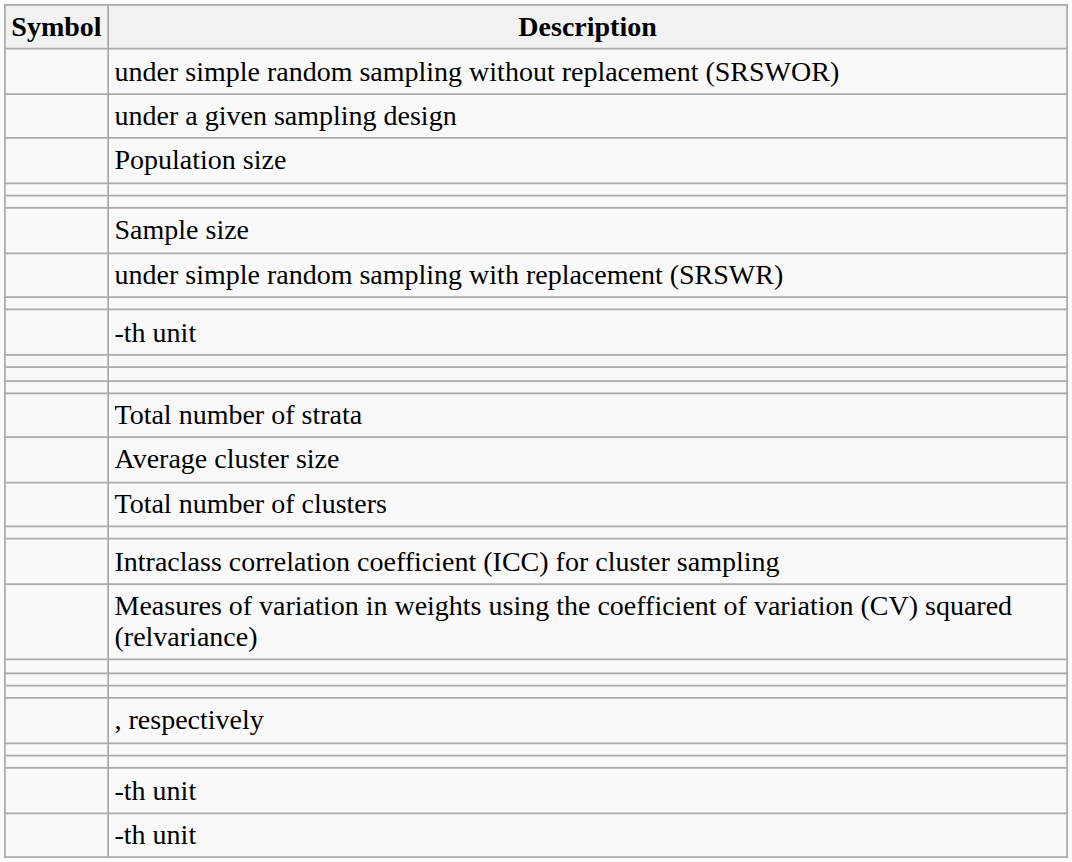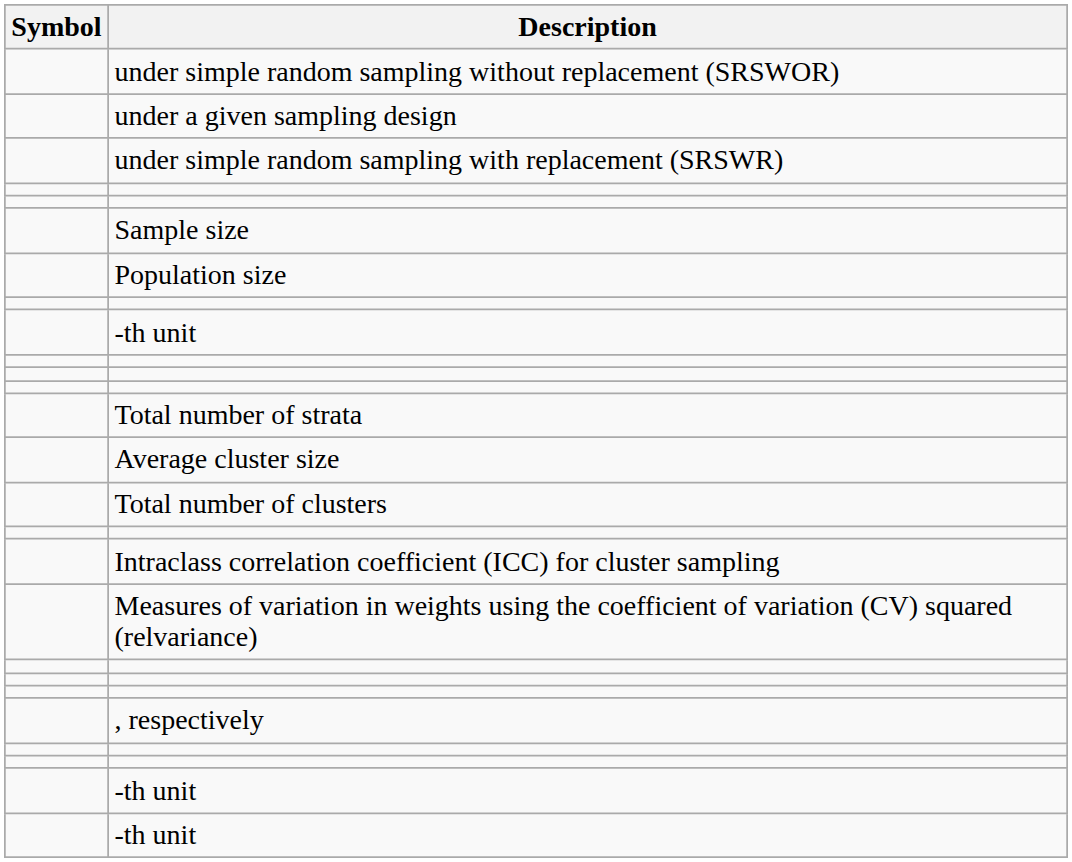 <table class="wikitable">
 <tr>
 <th>Symbol</th>
 <th>Description</th>
 </tr>
 <tr>
 <td></td>
 <td> under simple random sampling without replacement (SRSWOR)</td>
 </tr>
 <tr>
 <td></td>
 <td> under a given sampling design</td>
 </tr>
 <tr>
 <td></td>
-<td>Population size</td>
+<td> under simple random sampling with replacement (SRSWR)</td>
 </tr>
 <tr>
 <td></td>
 <td></td>
 </tr>
 <tr>
 <td></td>
 <td></td>
 </tr>
 <tr>
 <td></td>
 <td>Sample size</td>
 </tr>
 <tr>
 <td></td>
-<td> under simple random sampling with replacement (SRSWR)</td>
+<td>Population size</td>
 </tr>
 <tr>
 <td></td>
 <td></td>
 </tr>
 <tr>
 <td></td>
 <td>-th unit</td>
 </tr>
 <tr>
 <td></td>
 <td></td>
 </tr>
 <tr>
 <td></td>
 <td></td>
 </tr>
 <tr>
 <td></td>
 <td></td>
 </tr>
 <tr>
 <td></td>
 <td>Total number of strata</td>
 </tr>
 <tr>
 <td></td>
 <td>Average cluster size</td>
 </tr>
 <tr>
 <td></td>
 <td>Total number of clusters</td>
 </tr>
 <tr>
 <td></td>
 <td></td>
 </tr>
 <tr>
 <td></td>
 <td>Intraclass correlation coefficient (ICC) for cluster sampling</td>
 </tr>
 <tr>
 <td></td>
 <td>Measures of variation in weights using the coefficient of variation (CV) squared (relvariance)</td>
 </tr>
 <tr>
 <td></td>
 <td></td>
 </tr>
 <tr>
 <td></td>
 <td></td>
 </tr>
 <tr>
 <td></td>
 <td></td>
 </tr>
 <tr>
 <td></td>
 <td>, respectively</td>
 </tr>
 <tr>
 <td></td>
 <td></td>
 </tr>
 <tr>
 <td></td>
 <td></td>
 </tr>
 <tr>
 <td></td>
 <td>-th unit</td>
 </tr>
 <tr>
 <td></td>
 <td>-th unit</td>
 </tr>
 </table>
